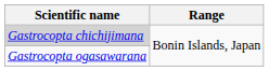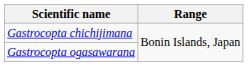 <table class="wikitable">
 <tr>
 <th>Scientific name</th>
 <th>Range</th>
 </tr>
 <tr>
-<td style="background: lightgrey;"><em><a href='#'>Gastrocopta chichijimana</a></em></td>
+<td><em><a href='#'>Gastrocopta chichijimana</a></em></td>
 <td rowspan="2">Bonin Islands, Japan</td>
 </tr>
 <tr>
 <td><em><a href='#'>Gastrocopta ogasawarana</a></em></td>
 </tr>
 </table>
